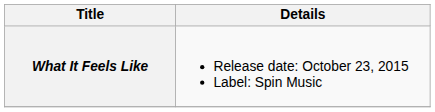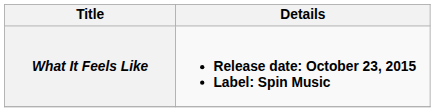 <table class="wikitable plainrowheaders">
 <tr>
 <th style="width:12em;">Title</th>
 <th style="width:18em;">Details</th>
 </tr>
 <tr>
 <th scope="row"><em>What It Feels Like</em></th>
-<td><br><ul><li>Release date: October 23, 2015</li><li>Label: Spin Music</li></ul></td>
+<td><strong><br><ul><li>Release date: October 23, 2015</li><li>Label: Spin Music</li></ul></strong></td>
 </tr>
 <tr>
 </tr>
 </table>
